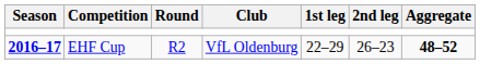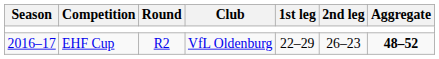 <table class="wikitable">
 <tr>
 <th>Season</th>
 <th>Competition</th>
 <th>Round</th>
 <th>Club</th>
 <th>1st leg</th>
 <th>2nd leg</th>
 <th>Aggregate</th>
 </tr>
 <tr>
 <td colspan="7" bgcolor=white></td>
 </tr>
 <tr>
-<td><strong><a href='#'>2016–17</a></strong></td>
+<td><a href='#'>2016–17</a></td>
 <td><a href='#'>EHF Cup</a></td>
 <td style="text-align:center;"><a href='#'>R2</a></td>
 <td> <a href='#'>VfL Oldenburg</a></td>
 <td style="text-align:center;">22–29</td>
 <td style="text-align:center;">26–23</td>
 <td style="text-align:center;"><strong>48–52</strong></td>
 </tr>
 </table>
